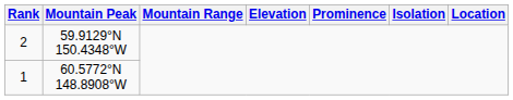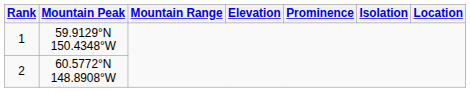 <table class="wikitable sortable">
 <tr>
 <th><a href='#'>Rank</a></th>
 <th><a href='#'>Mountain Peak</a></th>
 <th><a href='#'>Mountain Range</a></th>
 <th><a href='#'>Elevation</a></th>
 <th><a href='#'>Prominence</a></th>
 <th><a href='#'>Isolation</a></th>
 <th><a href='#'>Location</a></th>
 </tr>
 <tr>
-<td align=center>2<br>  </td>
+<td align=center>1<br>  </td>
 <td align=center>59.9129°N<br>150.4348°W</td>
 </tr>
 <tr>
-<td align=center>1<br>  </td>
+<td align=center>2<br>  </td>
 <td align=center>60.5772°N<br>148.8908°W</td>
 </tr>
 </table>
